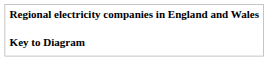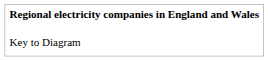 <table class="infobox" style="background:#fff">
 <tr>
 <th colspan=2 style="text-align:center">Regional electricity companies in England and Wales</th>
 </tr>
 <tr>
-<td><strong><br>Key to Diagram</strong></td>
+<td><br>Key to Diagram</td>
 </tr>
 <tr>
 <td></td>
 </tr>
 </table>
